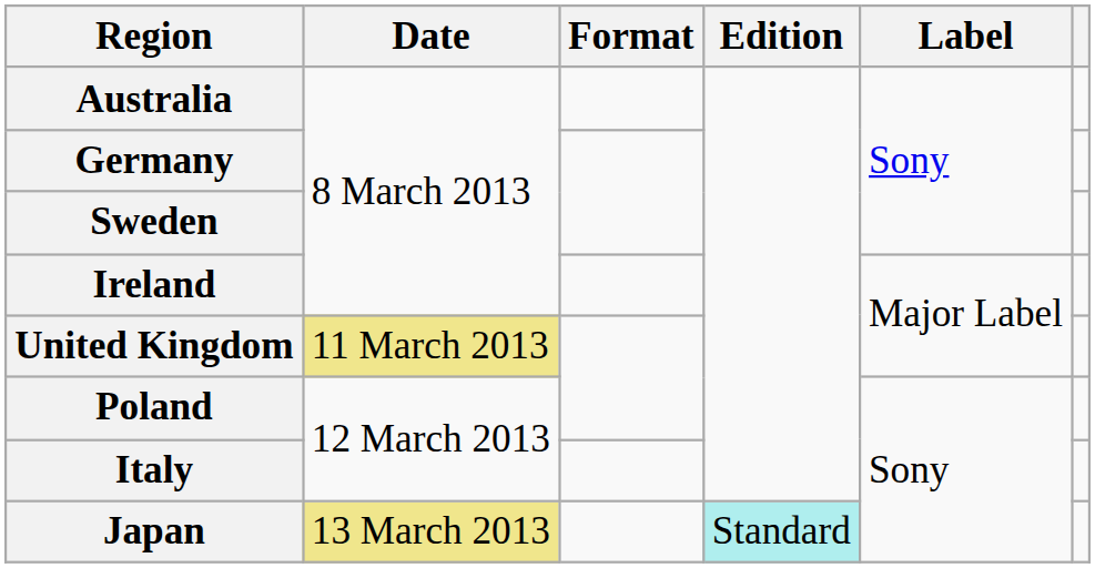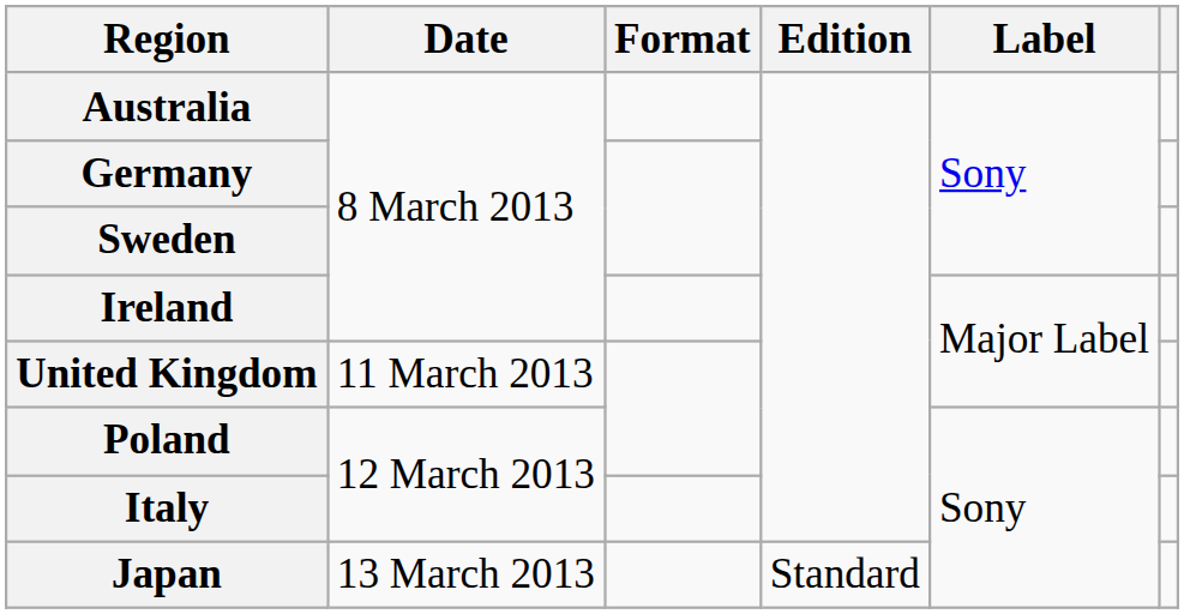 <table class="wikitable plainrowheaders">
 <tr>
 <th scope="col">Region</th>
 <th scope="col">Date</th>
 <th scope="col">Format</th>
 <th scope="col">Edition</th>
 <th scope="col">Label</th>
 <th scope="col"></th>
 </tr>
 <tr>
 <th scope="row">Australia</th>
 <td rowspan="4">8 March 2013</td>
 <td></td>
 <td rowspan="7"></td>
 <td rowspan="3"><a href='#'>Sony</a></td>
 <td align="center"></td>
 </tr>
 <tr>
 <th scope="row">Germany</th>
 <td rowspan="2"></td>
 <td align="center"></td>
 </tr>
 <tr>
 <th scope="row">Sweden</th>
 <td align="center"></td>
 </tr>
 <tr>
 <th scope="row">Ireland</th>
 <td></td>
 <td rowspan="2">Major Label</td>
 <td align="center"></td>
 </tr>
 <tr>
 <th scope="row">United Kingdom</th>
-<td style="background: khaki;">11 March 2013</td>
+<td>11 March 2013</td>
 <td rowspan="2"></td>
 <td align="center"></td>
 </tr>
 <tr>
 <th scope="row">Poland</th>
 <td rowspan="2">12 March 2013</td>
 <td rowspan="3">Sony</td>
 <td align="center"></td>
 </tr>
 <tr>
 <th scope="row">Italy</th>
 <td></td>
 <td align="center"></td>
 </tr>
 <tr>
 <th scope="row">Japan</th>
-<td style="background: khaki;">13 March 2013</td>
+<td>13 March 2013</td>
 <td></td>
-<td style="background: paleturquoise;">Standard</td>
+<td>Standard</td>
 <td align="center"></td>
 </tr>
 </table>
